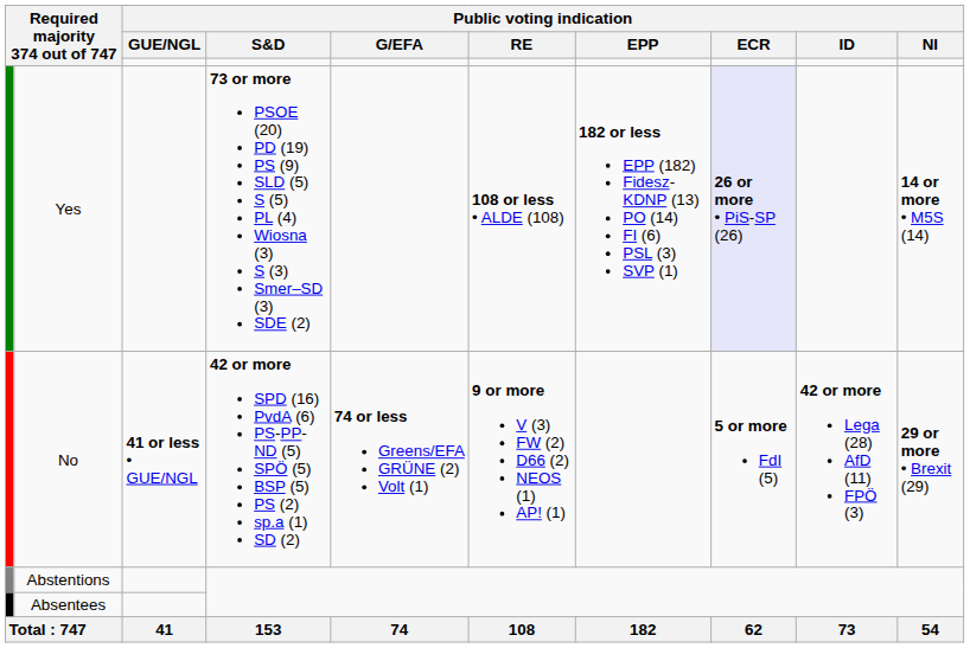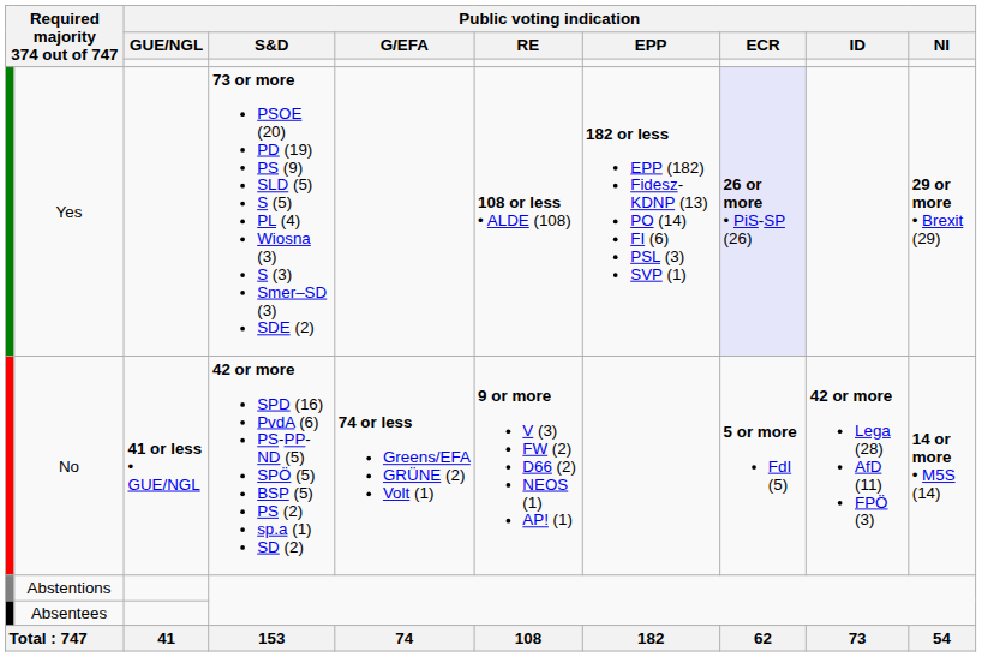 <table class="wikitable mw-collapsible mw-collapsed" style="text-align:left; font-size:90%;">
 <tr>
 <th colspan="2" rowspan="3">Required majority<br>374 out of 747 </th>
 <th colspan="8">Public voting indication<br></th>
 </tr>
 <tr>
 <th>GUE/NGL</th>
 <th>S&D</th>
 <th>G/EFA</th>
 <th>RE</th>
 <th>EPP</th>
 <th>ECR</th>
 <th>ID</th>
 <th>NI</th>
 </tr>
 <tr>
 <td style="background-color:"></td>
 <td style="background-color:"></td>
 <td style="background-color:"></td>
 <td style="background-color:"></td>
 <td style="background-color:"></td>
 <td style="background-color:"></td>
 <td style="background-color:"></td>
 <td style="background-color:"></td>
 </tr>
 <tr>
 <th style="width:1px; background:green;"></th>
 <td style="text-align:center;"><span>Yes</span> </td>
 <td></td>
 <td><strong>73 or more</strong><br><ul><li> <a href='#'>PSOE</a> (20)</li><li> <a href='#'>PD</a> (19)</li><li> <a href='#'>PS</a> (9)</li><li> <a href='#'>SLD</a> (5)</li><li> <a href='#'>S</a> (5)</li><li> <a href='#'>PL</a> (4)</li><li> <a href='#'>Wiosna</a> (3)</li><li> <a href='#'>S</a> (3)</li><li> <a href='#'>Smer–SD</a> (3)</li><li> <a href='#'>SDE</a> (2)</li></ul></td>
 <td></td>
 <td><strong>108 or less</strong><br>•  <a href='#'>ALDE</a> (108)</td>
 <td><strong>182 or less</strong><br><ul><li> <a href='#'>EPP</a> (182)</li><li> <a href='#'>Fidesz</a>-<a href='#'>KDNP</a> (13)</li><li> <a href='#'>PO</a> (14)</li><li> <a href='#'>FI</a> (6)</li><li> <a href='#'>PSL</a> (3)</li><li> <a href='#'>SVP</a> (1)</li></ul></td>
 <td style="background: lavender;"><strong>26 or more</strong><br>•  <a href='#'>PiS</a>-<a href='#'>SP</a> (26)</td>
 <td></td>
-<td><strong>14 or more</strong><br>•  <a href='#'>M5S</a> (14)</td>
+<td><strong>29 or more</strong><br>•  <a href='#'>Brexit</a> (29)</td>
 </tr>
 <tr>
 <th style="background:red;"></th>
 <td style="text-align:center;"><span>No</span> </td>
 <td><strong>41 or less</strong><br>•  <a href='#'>GUE/NGL</a></td>
 <td><strong>42 or more</strong><br><ul><li> <a href='#'>SPD</a> (16)</li><li> <a href='#'>PvdA</a> (6)</li><li> <a href='#'>PS</a>-<a href='#'>PP</a>-<a href='#'>ND</a> (5)</li><li> <a href='#'>SPÖ</a> (5)</li><li> <a href='#'>BSP</a> (5)</li><li> <a href='#'>PS</a> (2)</li><li> <a href='#'>sp.a</a> (1)</li><li> <a href='#'>SD</a> (2)</li></ul></td>
 <td><strong>74 or less</strong><br><ul><li> <a href='#'>Greens/EFA</a></li><li> <a href='#'>GRÜNE</a> (2)</li><li> <a href='#'>Volt</a> (1)</li></ul></td>
 <td><strong>9 or more</strong><br><ul><li> <a href='#'>V</a> (3)</li><li> <a href='#'>FW</a> (2)</li><li> <a href='#'>D66</a> (2)</li><li> <a href='#'>NEOS</a> (1)</li><li> <a href='#'>AP!</a> (1)</li></ul></td>
 <td></td>
 <td><strong>5 or more</strong><br><ul><li> <a href='#'>FdI</a> (5)</li></ul></td>
 <td><strong>42 or more</strong><br><ul><li> <a href='#'>Lega</a> (28)</li><li> <a href='#'>AfD</a> (11)</li><li> <a href='#'>FPÖ</a> (3)</li></ul></td>
-<td><strong>29 or more</strong><br>•  <a href='#'>Brexit</a> (29)</td>
+<td><strong>14 or more</strong><br>•  <a href='#'>M5S</a> (14)</td>
 </tr>
 <tr>
 <th style="background:gray;"></th>
 <td style="text-align:center;"><span>Abstentions</span> </td>
 <td></td>
 </tr>
 <tr>
 <th style="background:black;"></th>
 <td style="text-align:center;"><span>Absentees</span> </td>
 <td></td>
 </tr>
 <tr>
 <th style="text-align:left;" colspan="2">Total : 747</th>
 <th>41</th>
 <th>153</th>
 <th>74</th>
 <th>108</th>
 <th>182</th>
 <th>62</th>
 <th>73</th>
 <th>54</th>
 </tr>
 </table>
